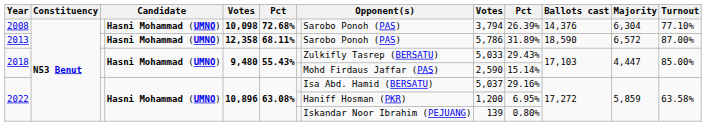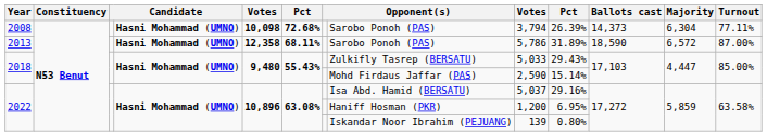 <table class="wikitable" style="margin:0.5em ; font-size:95%">
 <tr>
 <th>Year</th>
 <th>Constituency</th>
 <th colspan=2>Candidate</th>
 <th>Votes</th>
 <th>Pct</th>
 <th colspan=2>Opponent(s)</th>
 <th>Votes</th>
 <th>Pct</th>
 <th>Ballots cast</th>
 <th>Majority</th>
 <th>Turnout</th>
 </tr>
 <tr>
 <td><a href='#'>2008</a></td>
 <td rowspan=7><strong>N53 <a href='#'>Benut</a></strong></td>
 <td></td>
 <td><strong>Hasni Mohammad</strong> (<a href='#'><strong>UMNO</strong></a>)</td>
 <td align="right"><strong>10,098</strong></td>
 <td><strong>72.68%</strong></td>
 <td></td>
 <td>Sarobo Ponoh (<a href='#'>PAS</a>)</td>
 <td align="right">3,794</td>
 <td>26.39%</td>
-<td>14,376</td>
+<td>14,373</td>
 <td>6,304</td>
-<td>77.10%</td>
+<td>77.11%</td>
 </tr>
 <tr>
 <td><a href='#'>2013</a></td>
 <td></td>
 <td><strong>Hasni Mohammad</strong> (<a href='#'><strong>UMNO</strong></a>)</td>
 <td align="right"><strong>12,358</strong></td>
 <td><strong>68.11%</strong></td>
 <td></td>
 <td>Sarobo Ponoh (<a href='#'>PAS</a>)</td>
 <td align="right">5,786</td>
 <td>31.89%</td>
 <td>18,590</td>
 <td>6,572</td>
 <td>87.00%</td>
 </tr>
 <tr>
 <td rowspan=2><a href='#'>2018</a></td>
 <td rowspan=2 ></td>
 <td rowspan="2"><strong>Hasni Mohammad</strong> (<a href='#'><strong>UMNO</strong></a>)</td>
 <td rowspan=2  align="right"><strong>9,480</strong></td>
 <td rowspan=2><strong>55.43%</strong></td>
 <td></td>
 <td>Zulkifly Tasrep (<a href='#'>BERSATU</a>)</td>
 <td align="right">5,033</td>
 <td>29.43%</td>
 <td rowspan=2>17,103</td>
 <td rowspan=2>4,447</td>
 <td rowspan=2>85.00%</td>
 </tr>
 <tr>
 <td></td>
 <td>Mohd Firdaus Jaffar (<a href='#'>PAS</a>)</td>
 <td align="right">2,590</td>
 <td>15.14%</td>
 </tr>
 <tr>
 <td rowspan="3"><a href='#'>2022</a></td>
 <td rowspan="3" ></td>
 <td rowspan="3"><strong>Hasni Mohammad</strong> (<a href='#'><strong>UMNO</strong></a>)</td>
 <td rowspan="3" align="right"><strong>10,896</strong></td>
 <td rowspan="3"><strong>63.08%</strong></td>
 <td></td>
 <td>Isa Abd. Hamid (<a href='#'>BERSATU</a>)</td>
 <td align="right">5,037</td>
 <td>29.16%</td>
 <td rowspan="3">17,272</td>
 <td rowspan="3">5,859</td>
 <td rowspan="3">63.58%</td>
 </tr>
 <tr>
 <td></td>
 <td>Haniff Hosman (<a href='#'>PKR</a>)</td>
 <td align="right">1,200</td>
 <td align="right">6.95%</td>
 </tr>
 <tr>
 <td></td>
 <td>Iskandar Noor Ibrahim (<a href='#'>PEJUANG</a>)</td>
 <td align="right">139</td>
 <td align="right">0.80%</td>
 </tr>
 </table>
